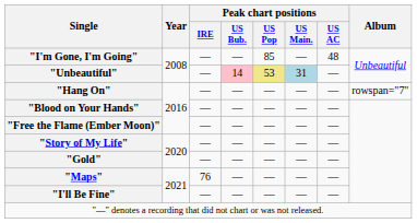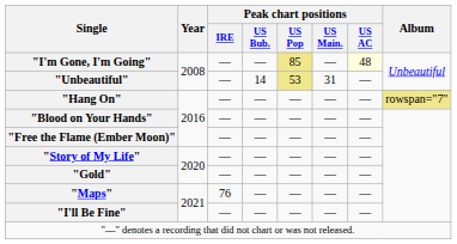 <table class="wikitable plainrowheaders" style="text-align:center;">
 <tr>
 <th scope="col" rowspan="2">Single</th>
 <th scope="col" rowspan="2">Year</th>
 <th scope="col" colspan="5">Peak chart positions</th>
 <th scope="col" rowspan="2">Album</th>
 </tr>
 <tr>
 <th scope="col" style="width:3em;font-size:85%;"><a href='#'>IRE</a><br></th>
 <th scope="col" style="width:3em;font-size:85%;"><a href='#'>US<br>Bub.</a></th>
 <th scope="col" style="width:3em;font-size:85%;"><a href='#'>US<br>Pop</a></th>
 <th scope="col" style="width:3em;font-size:85%;"><a href='#'>US<br>Main.</a></th>
 <th scope="col" style="width:3em;font-size:85%;"><a href='#'>US<br>AC</a></th>
 </tr>
 <tr>
 <th scope="row">"I'm Gone, I'm Going"</th>
 <td rowspan="2">2008</td>
 <td>—</td>
 <td>—</td>
-<td>85</td>
+<td style="background: khaki;">85</td>
 <td>—</td>
-<td>48</td>
+<td style="background: lightyellow;">48</td>
 <td rowspan="2"><em><a href='#'>Unbeautiful</a></em></td>
 </tr>
 <tr>
 <th scope="row">"Unbeautiful"</th>
 <td>—</td>
-<td style="background: pink;">14</td>
+<td>14</td>
 <td style="background: khaki;">53</td>
-<td style="background: lightblue;">31</td>
+<td>31</td>
 <td>—</td>
 </tr>
 <tr>
 <th scope="row">"Hang On"</th>
 <td rowspan="3">2016</td>
 <td>—</td>
 <td>—</td>
 <td>—</td>
 <td>—</td>
 <td>—</td>
-<td>rowspan="7" </td>
+<td style="background: khaki;">rowspan="7" </td>
 </tr>
 <tr>
 <th scope="row">"Blood on Your Hands"</th>
 <td>—</td>
 <td>—</td>
 <td>—</td>
 <td>—</td>
 <td>—</td>
 </tr>
 <tr>
 <th scope="row">"Free the Flame (Ember Moon)"</th>
 <td>—</td>
 <td>—</td>
 <td>—</td>
 <td>—</td>
 <td>—</td>
 </tr>
 <tr>
 <th scope="row">"<a href='#'>Story of My Life</a>"</th>
 <td rowspan="2">2020</td>
 <td>—</td>
 <td>—</td>
 <td>—</td>
 <td>—</td>
 <td>—</td>
 </tr>
 <tr>
 <th scope="row">"Gold"</th>
 <td>—</td>
 <td>—</td>
 <td>—</td>
 <td>—</td>
 <td>—</td>
 </tr>
 <tr>
 <th scope="row">"<a href='#'>Maps</a>"</th>
 <td rowspan="2">2021</td>
 <td>76</td>
 <td>—</td>
 <td>—</td>
 <td>—</td>
 <td>—</td>
 </tr>
 <tr>
 <th scope="row">"I'll Be Fine"</th>
 <td>—</td>
 <td>—</td>
 <td>—</td>
 <td>—</td>
 <td>—</td>
 </tr>
 <tr>
 <td colspan="17" style="font-size:85%;">"—" denotes a recording that did not chart or was not released.</td>
 </tr>
 </table>
